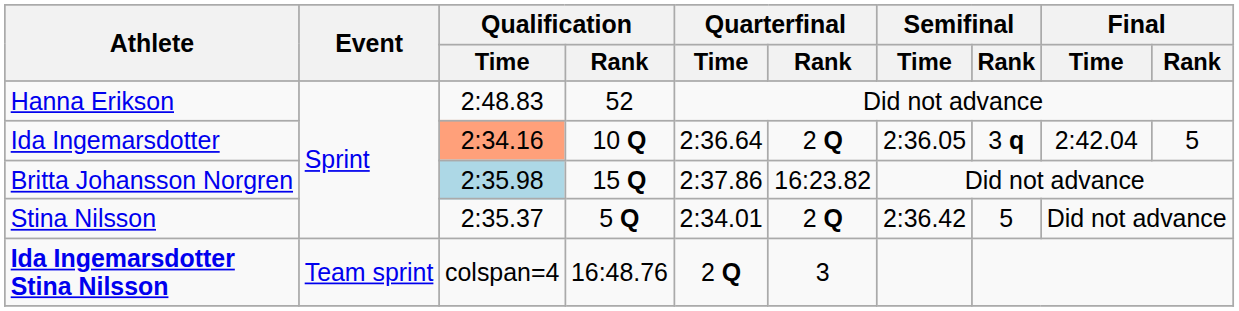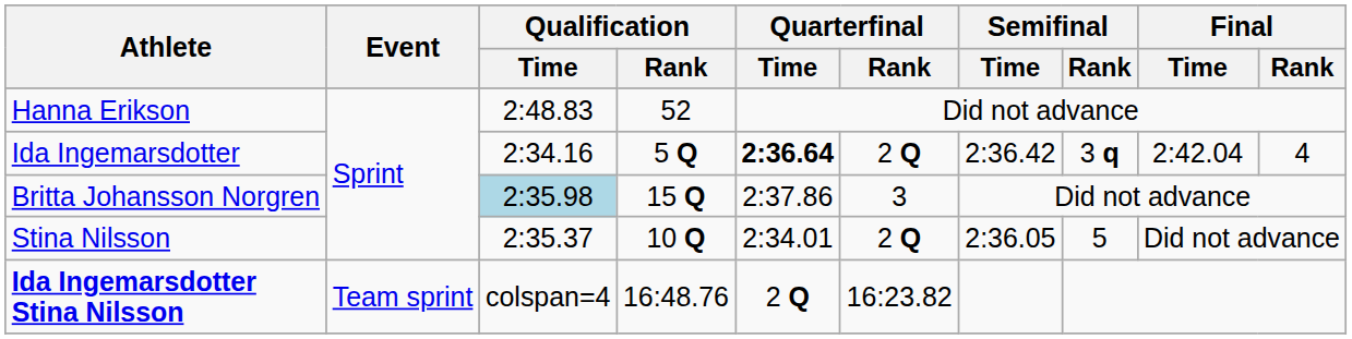 <table class="wikitable" style="font-size:90%">
 <tr>
 <th rowspan="2">Athlete</th>
 <th rowspan="2">Event</th>
 <th colspan="2">Qualification</th>
 <th colspan="2">Quarterfinal</th>
 <th colspan="2">Semifinal</th>
 <th colspan="2">Final</th>
 </tr>
 <tr style="font-size:95%">
 <th>Time</th>
 <th>Rank</th>
 <th>Time</th>
 <th>Rank</th>
 <th>Time</th>
 <th>Rank</th>
 <th>Time</th>
 <th>Rank</th>
 </tr>
 <tr align=center>
 <td align=left><a href='#'>Hanna Erikson</a></td>
 <td align=left rowspan=4><a href='#'>Sprint</a></td>
 <td>2:48.83</td>
 <td>52</td>
 <td colspan=6>Did not advance</td>
 </tr>
 <tr align=center>
 <td align=left><a href='#'>Ida Ingemarsdotter</a></td>
-<td style="background: lightsalmon;">2:34.16</td>
-<td>10 <strong>Q</strong></td>
-<td>2:36.64</td>
+<td>2:34.16</td>
+<td>5 <strong>Q</strong></td>
+<td><strong>2:36.64</strong></td>
 <td>2 <strong>Q</strong></td>
-<td>2:36.05</td>
+<td>2:36.42</td>
 <td>3 <strong>q</strong></td>
 <td>2:42.04</td>
-<td>5</td>
+<td>4</td>
 </tr>
 <tr align=center>
 <td align=left><a href='#'>Britta Johansson Norgren</a></td>
 <td style="background: lightblue;">2:35.98</td>
 <td>15 <strong>Q</strong></td>
 <td>2:37.86</td>
-<td>16:23.82</td>
+<td>3</td>
 <td colspan=4>Did not advance</td>
 </tr>
 <tr align=center>
 <td align=left><a href='#'>Stina Nilsson</a></td>
 <td>2:35.37</td>
-<td>5 <strong>Q</strong></td>
+<td>10 <strong>Q</strong></td>
 <td>2:34.01</td>
 <td>2 <strong>Q</strong></td>
-<td>2:36.42</td>
+<td>2:36.05</td>
 <td>5</td>
 <td colspan=2>Did not advance</td>
 </tr>
 <tr align=center>
 <td align=left><strong><a href='#'>Ida Ingemarsdotter</a><br><a href='#'>Stina Nilsson</a></strong></td>
 <td align=left><a href='#'>Team sprint</a></td>
 <td>colspan=4 </td>
 <td>16:48.76</td>
 <td>2 <strong>Q</strong></td>
-<td>3</td>
+<td>16:23.82</td>
 <td></td>
 </tr>
 </table>
